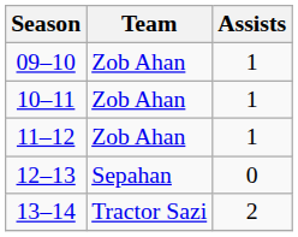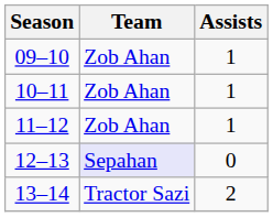 <table class="wikitable" style="text-align: center;">
 <tr>
 <th>Season</th>
 <th>Team</th>
 <th>Assists</th>
 </tr>
 <tr>
 <td><a href='#'>09–10</a></td>
 <td align="left"><a href='#'>Zob Ahan</a></td>
 <td>1</td>
 </tr>
 <tr>
 <td><a href='#'>10–11</a></td>
 <td align="left"><a href='#'>Zob Ahan</a></td>
 <td>1</td>
 </tr>
 <tr>
 <td><a href='#'>11–12</a></td>
 <td align="left"><a href='#'>Zob Ahan</a></td>
 <td>1</td>
 </tr>
 <tr>
 <td><a href='#'>12–13</a></td>
-<td align="left"><a href='#'>Sepahan</a></td>
+<td align="left" style="background: lavender;"><a href='#'>Sepahan</a></td>
 <td>0</td>
 </tr>
 <tr>
 <td><a href='#'>13–14</a></td>
 <td align="left"><a href='#'>Tractor Sazi</a></td>
 <td>2</td>
 </tr>
 <tr>
 </tr>
 </table>
